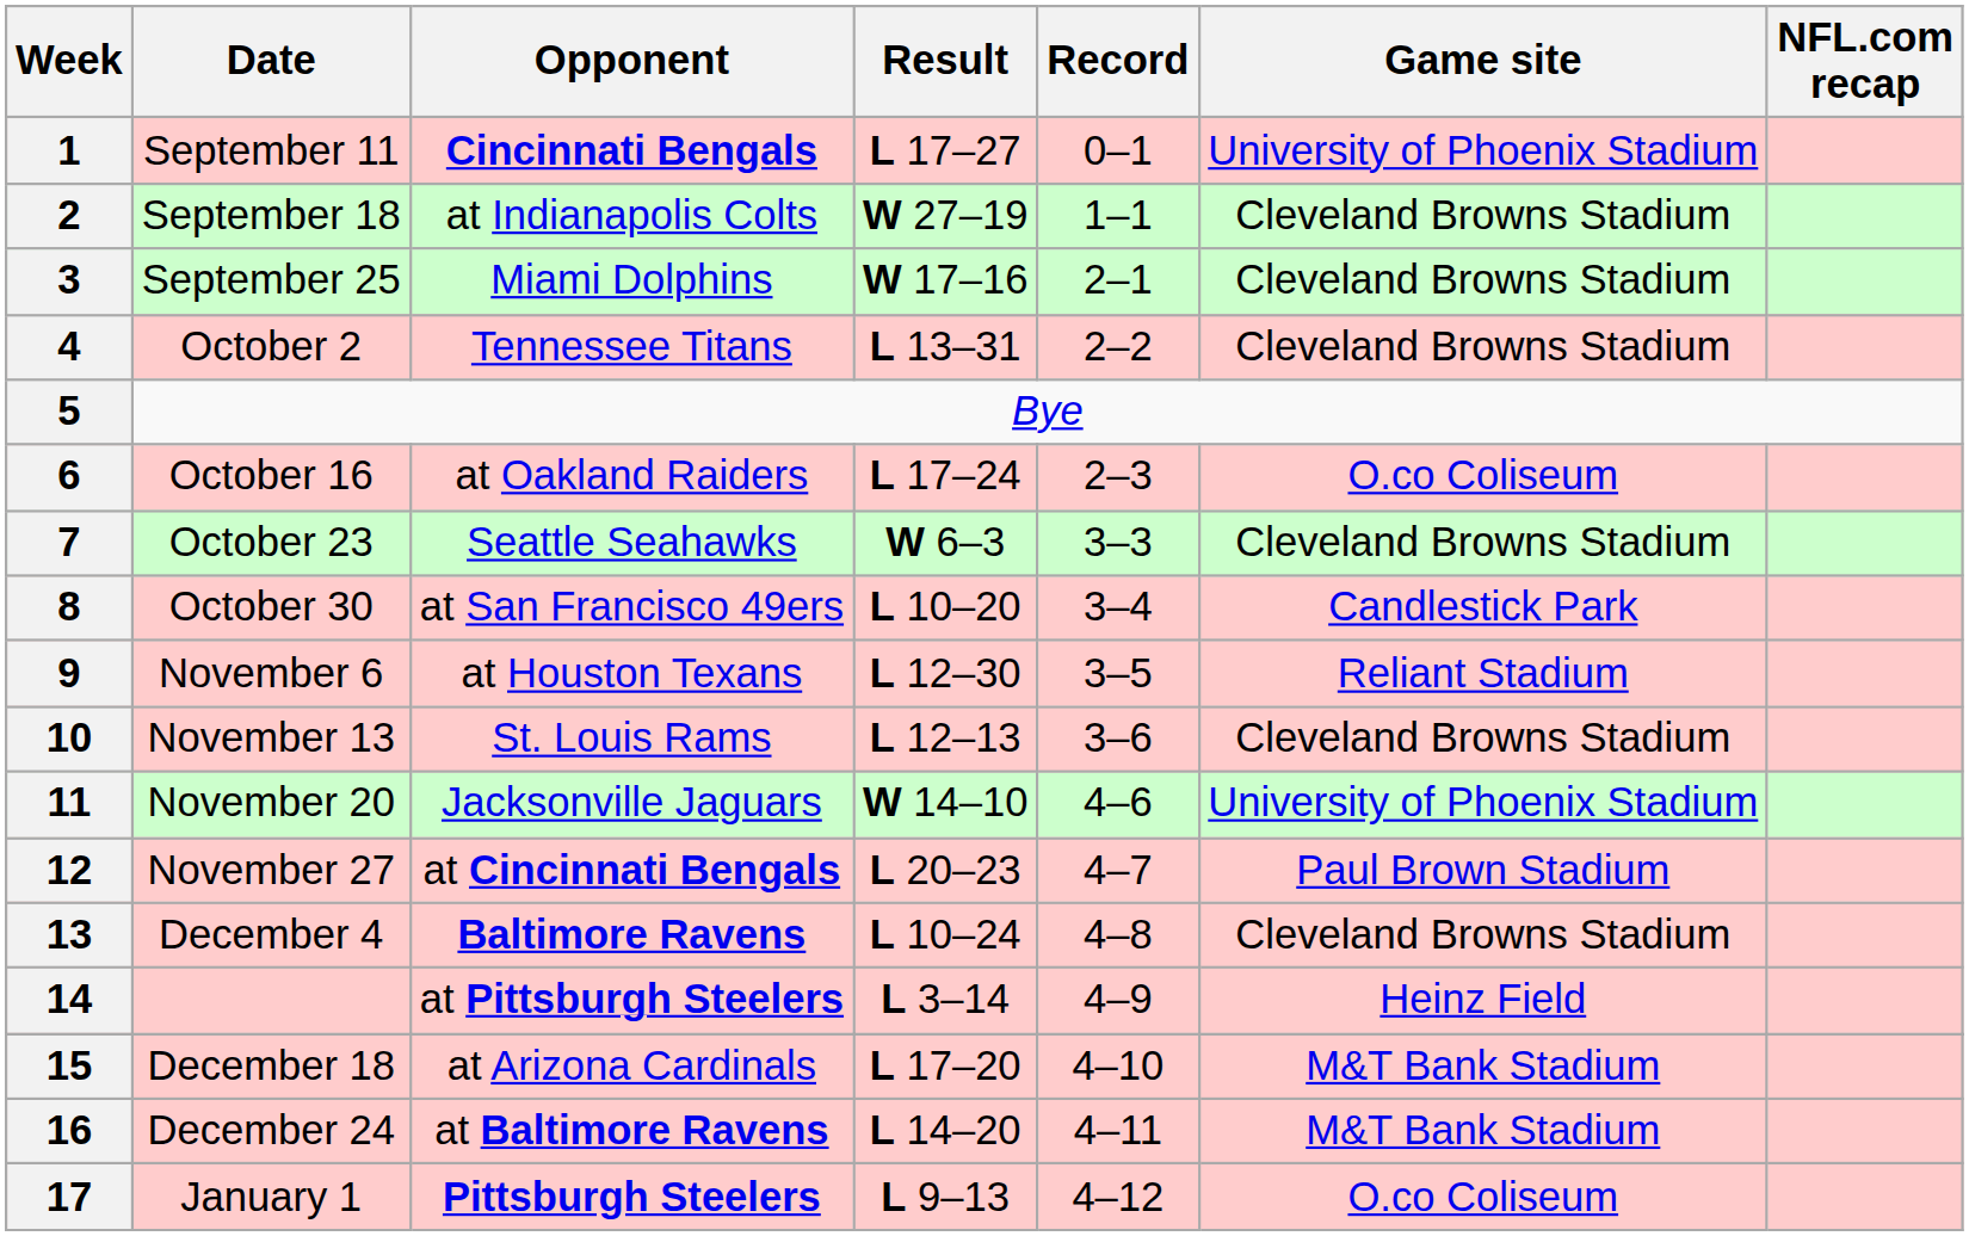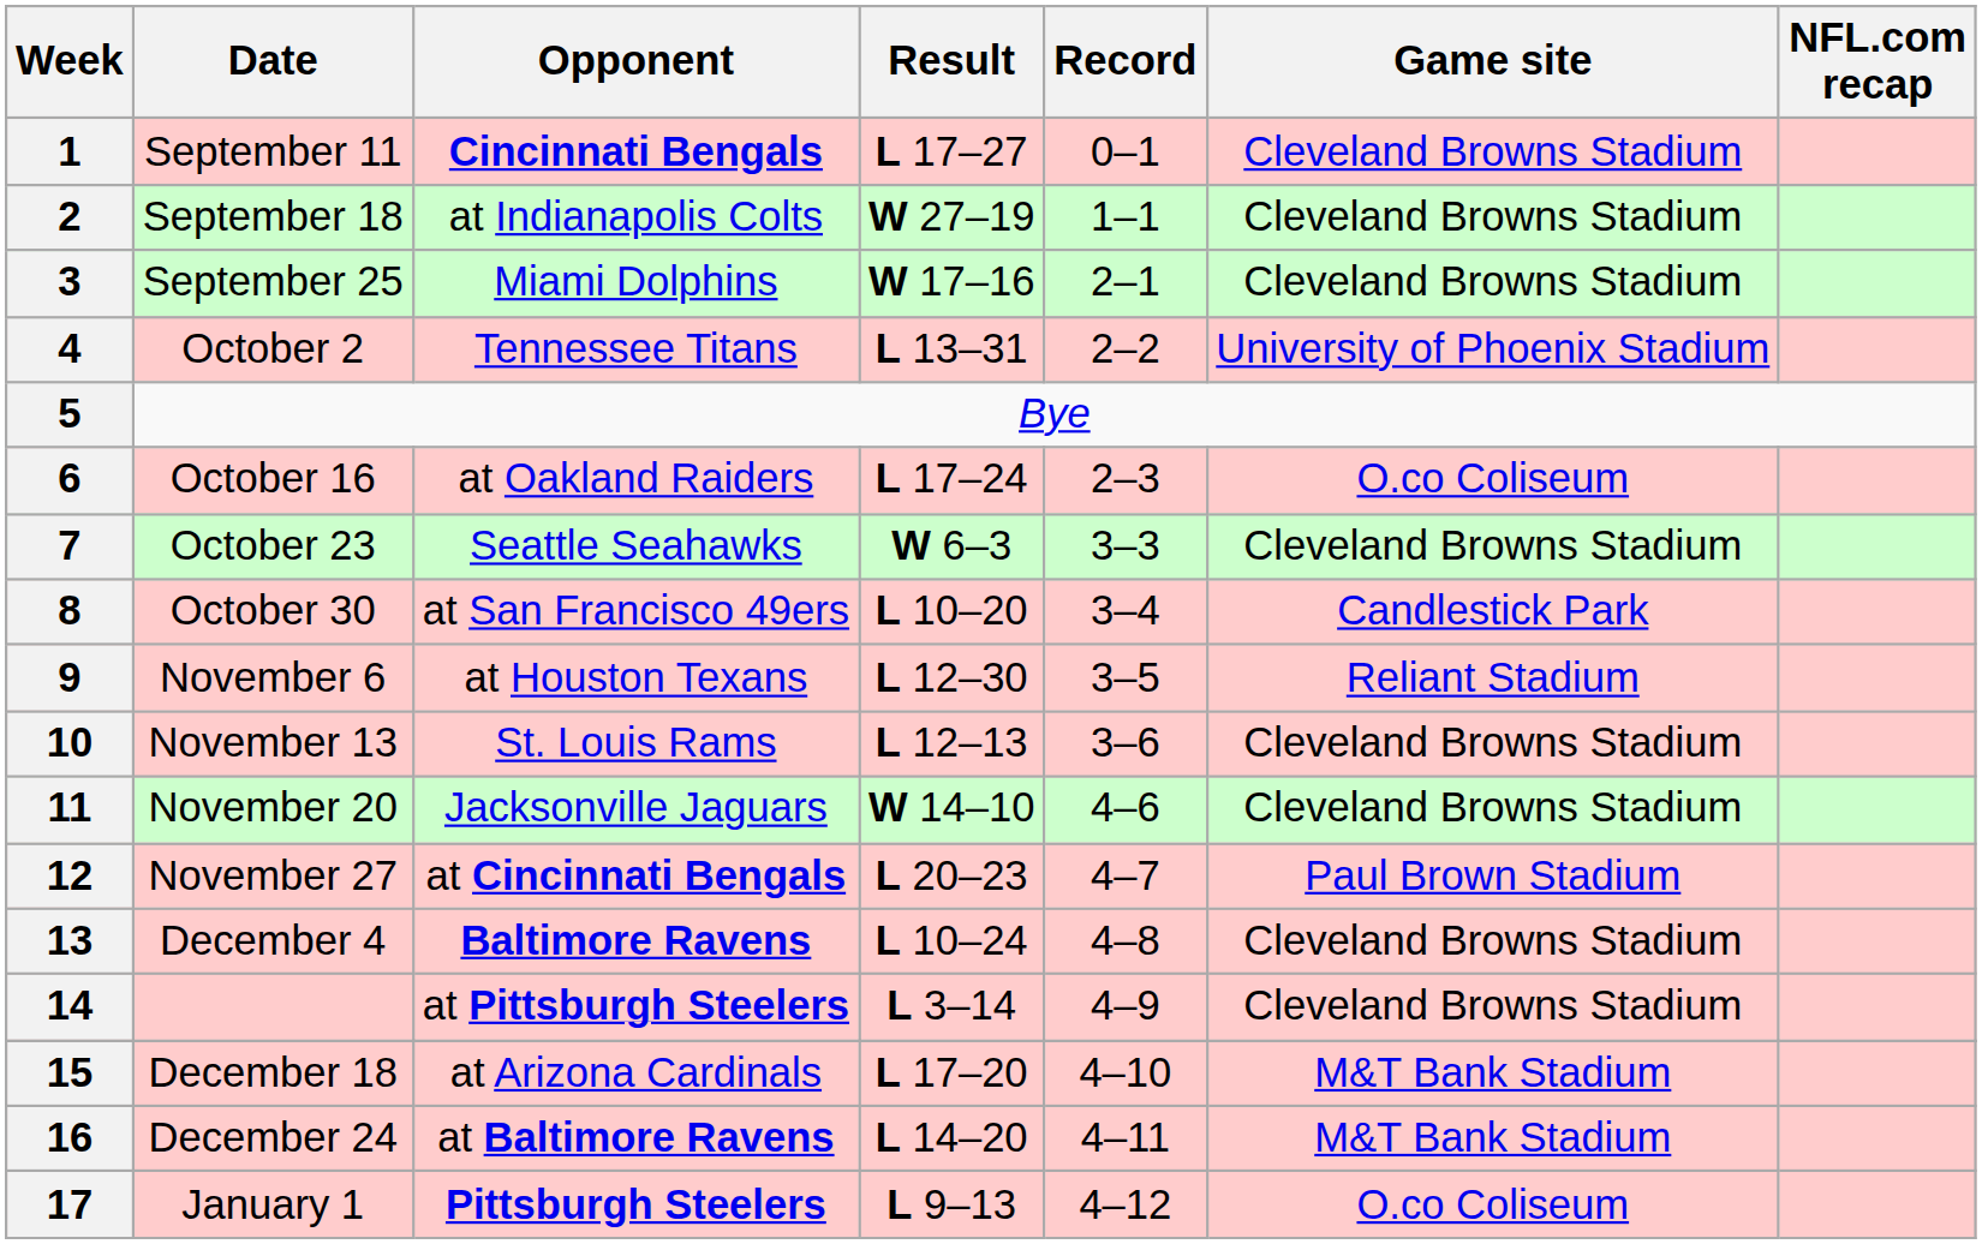 <table class="wikitable" style="text-align:center">
 <tr>
 <th>Week</th>
 <th>Date</th>
 <th>Opponent</th>
 <th>Result</th>
 <th>Record</th>
 <th>Game site</th>
 <th>NFL.com<br>recap</th>
 </tr>
 <tr style="background:#fcc">
 <th>1</th>
 <td style="text-align:center;">September 11</td>
 <td style="text-align:center;"><strong><a href='#'>Cincinnati Bengals</a></strong></td>
 <td style="text-align:center;"><strong>L</strong> 17–27</td>
 <td style="text-align:center;">0–1</td>
-<td style="text-align:center;"><a href='#'>University of Phoenix Stadium</a></td>
+<td style="text-align:center;"><a href='#'>Cleveland Browns Stadium</a></td>
 <td style="text-align:center;"></td>
 </tr>
 <tr style="background:#cfc">
 <th>2</th>
 <td style="text-align:center;">September 18</td>
 <td style="text-align:center;">at <a href='#'>Indianapolis Colts</a></td>
 <td style="text-align:center;"><strong>W</strong> 27–19</td>
 <td style="text-align:center;">1–1</td>
 <td style="text-align:center;">Cleveland Browns Stadium</td>
 <td style="text-align:center;"></td>
 </tr>
 <tr style="background:#cfc">
 <th>3</th>
 <td style="text-align:center;">September 25</td>
 <td style="text-align:center;"><a href='#'>Miami Dolphins</a></td>
 <td style="text-align:center;"><strong>W</strong> 17–16</td>
 <td style="text-align:center;">2–1</td>
 <td style="text-align:center;">Cleveland Browns Stadium</td>
 <td style="text-align:center;"></td>
 </tr>
 <tr style="background:#fcc">
 <th>4</th>
 <td style="text-align:center;">October 2</td>
 <td style="text-align:center;"><a href='#'>Tennessee Titans</a></td>
 <td style="text-align:center;"><strong>L</strong> 13–31</td>
 <td style="text-align:center;">2–2</td>
-<td style="text-align:center;">Cleveland Browns Stadium</td>
+<td style="text-align:center;"><a href='#'>University of Phoenix Stadium</a></td>
 <td style="text-align:center;"></td>
 </tr>
 <tr>
 <th>5</th>
 <td colspan="8" style="text-align:center;"><em><a href='#'>Bye</a></em></td>
 </tr>
 <tr style="background:#fcc">
 <th>6</th>
 <td style="text-align:center;">October 16</td>
 <td style="text-align:center;">at <a href='#'>Oakland Raiders</a></td>
 <td style="text-align:center;"><strong>L</strong> 17–24</td>
 <td style="text-align:center;">2–3</td>
 <td style="text-align:center;"><a href='#'>O.co Coliseum</a></td>
 <td style="text-align:center;"></td>
 </tr>
 <tr style="background:#cfc">
 <th>7</th>
 <td style="text-align:center;">October 23</td>
 <td style="text-align:center;"><a href='#'>Seattle Seahawks</a></td>
 <td style="text-align:center;"><strong>W</strong> 6–3</td>
 <td style="text-align:center;">3–3</td>
 <td style="text-align:center;">Cleveland Browns Stadium</td>
 <td style="text-align:center;"></td>
 </tr>
 <tr style="background:#fcc">
 <th>8</th>
 <td style="text-align:center;">October 30</td>
 <td style="text-align:center;">at <a href='#'>San Francisco 49ers</a></td>
 <td style="text-align:center;"><strong>L</strong> 10–20</td>
 <td style="text-align:center;">3–4</td>
 <td style="text-align:center;"><a href='#'>Candlestick Park</a></td>
 <td style="text-align:center;"></td>
 </tr>
 <tr style="background:#fcc">
 <th>9</th>
 <td style="text-align:center;">November 6</td>
 <td style="text-align:center;">at <a href='#'>Houston Texans</a></td>
 <td style="text-align:center;"><strong>L</strong> 12–30</td>
 <td style="text-align:center;">3–5</td>
 <td style="text-align:center;"><a href='#'>Reliant Stadium</a></td>
 <td style="text-align:center;"></td>
 </tr>
 <tr style="background:#fcc">
 <th>10</th>
 <td style="text-align:center;">November 13</td>
 <td style="text-align:center;"><a href='#'>St. Louis Rams</a></td>
 <td style="text-align:center;"><strong>L</strong> 12–13</td>
 <td style="text-align:center;">3–6</td>
 <td style="text-align:center;">Cleveland Browns Stadium</td>
 <td style="text-align:center;"></td>
 </tr>
 <tr style="background:#cfc">
 <th>11</th>
 <td style="text-align:center;">November 20</td>
 <td style="text-align:center;"><a href='#'>Jacksonville Jaguars</a></td>
 <td style="text-align:center;"><strong>W</strong> 14–10</td>
 <td style="text-align:center;">4–6</td>
-<td style="text-align:center;"><a href='#'>University of Phoenix Stadium</a></td>
+<td style="text-align:center;">Cleveland Browns Stadium</td>
 <td style="text-align:center;"></td>
 </tr>
 <tr style="background:#fcc">
 <th>12</th>
 <td style="text-align:center;">November 27</td>
 <td style="text-align:center;">at <strong><a href='#'>Cincinnati Bengals</a></strong></td>
 <td style="text-align:center;"><strong>L</strong> 20–23</td>
 <td style="text-align:center;">4–7</td>
 <td style="text-align:center;"><a href='#'>Paul Brown Stadium</a></td>
 <td style="text-align:center;"></td>
 </tr>
 <tr style="background:#fcc">
 <th>13</th>
 <td style="text-align:center;">December 4</td>
 <td style="text-align:center;"><strong><a href='#'>Baltimore Ravens</a></strong></td>
 <td style="text-align:center;"><strong>L</strong> 10–24</td>
 <td style="text-align:center;">4–8</td>
 <td style="text-align:center;">Cleveland Browns Stadium</td>
 <td style="text-align:center;"></td>
 </tr>
 <tr style="background:#fcc">
 <th>14</th>
 <td style="text-align:center;"></td>
 <td style="text-align:center;">at <strong><a href='#'>Pittsburgh Steelers</a></strong></td>
 <td style="text-align:center;"><strong>L</strong> 3–14</td>
 <td style="text-align:center;">4–9</td>
-<td style="text-align:center;"><a href='#'>Heinz Field</a></td>
+<td style="text-align:center;">Cleveland Browns Stadium</td>
 <td style="text-align:center;"></td>
 </tr>
 <tr style="background:#">
 </tr>
 <tr style="background:#fcc">
 <th>15</th>
 <td style="text-align:center;">December 18</td>
 <td style="text-align:center;">at <a href='#'>Arizona Cardinals</a></td>
 <td style="text-align:center;"><strong>L</strong> 17–20 </td>
 <td style="text-align:center;">4–10</td>
 <td style="text-align:center;"><a href='#'>M&T Bank Stadium</a></td>
 <td style="text-align:center;"></td>
 </tr>
 <tr style="background:#fcc">
 <th>16</th>
 <td style="text-align:center;">December 24</td>
 <td style="text-align:center;">at <strong><a href='#'>Baltimore Ravens</a></strong></td>
 <td style="text-align:center;"><strong>L</strong> 14–20</td>
 <td style="text-align:center;">4–11</td>
 <td style="text-align:center;"><a href='#'>M&T Bank Stadium</a></td>
 <td style="text-align:center;"></td>
 </tr>
 <tr style="background:#fcc">
 <th>17</th>
 <td style="text-align:center;">January 1</td>
 <td style="text-align:center;"><strong><a href='#'>Pittsburgh Steelers</a></strong></td>
 <td style="text-align:center;"><strong>L</strong> 9–13</td>
 <td style="text-align:center;">4–12</td>
 <td style="text-align:center;"><a href='#'>O.co Coliseum</a></td>
 <td style="text-align:center;"></td>
 </tr>
 </table>
